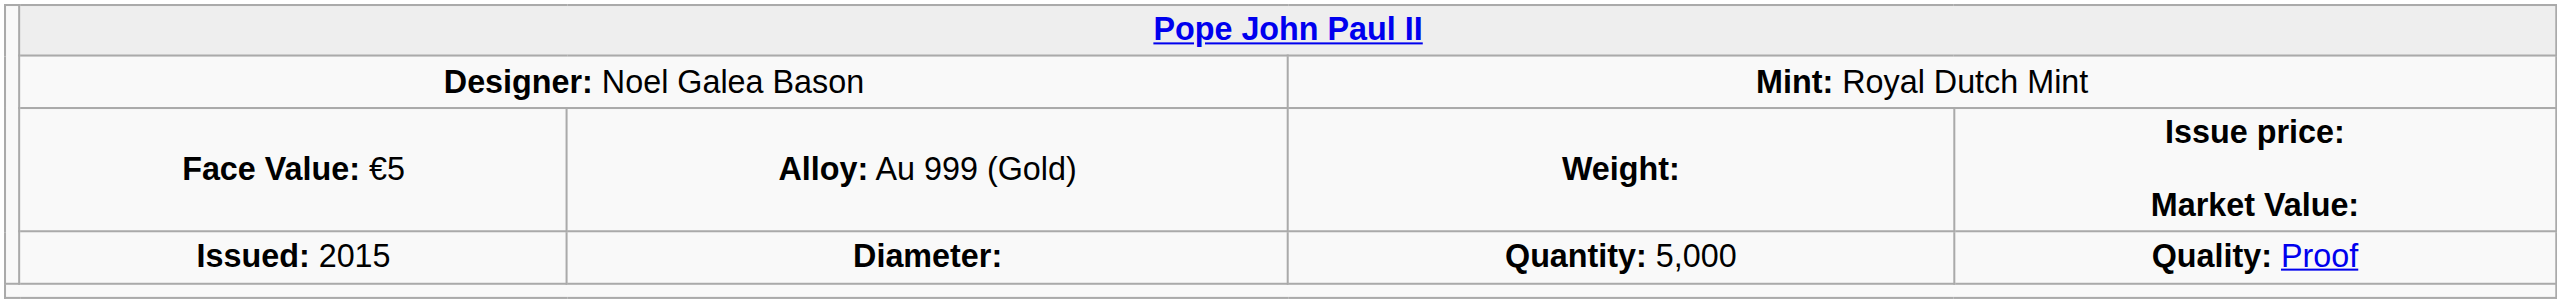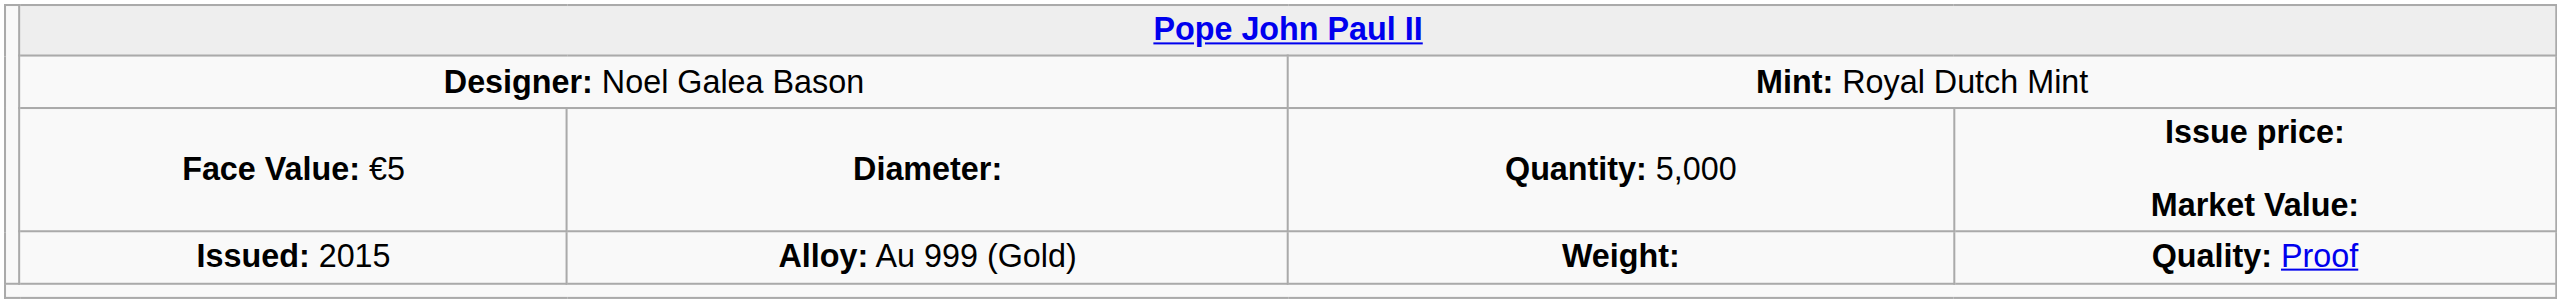 <table class="wikitable" width=100%>
 <tr>
 <td rowspan=4 width="330px" nowrap align=center></td>
 <th colspan="4" align=center style="background:#eeeeee;"><a href='#'>Pope John Paul II</a></th>
 </tr>
 <tr>
 <td colspan="2" width="50%" align=center><strong>Designer:</strong> Noel Galea Bason</td>
 <td colspan="2" width="50%" align=center><strong>Mint:</strong> Royal Dutch Mint</td>
 </tr>
 <tr>
 <td align=center><strong>Face Value:</strong> €5</td>
-<td align=center><strong>Alloy:</strong> Au 999 (Gold)</td>
-<td align=center><strong>Weight:</strong> </td>
+<td align=center><strong>Diameter:</strong> </td>
+<td align=center><strong>Quantity:</strong> 5,000</td>
 <td align=center><strong>Issue price:</strong><br><br> <strong>Market Value:</strong></td>
 </tr>
 <tr>
 <td align=center><strong>Issued:</strong> 2015</td>
-<td align=center><strong>Diameter:</strong> </td>
-<td align=center><strong>Quantity:</strong> 5,000</td>
+<td align=center><strong>Alloy:</strong> Au 999 (Gold)</td>
+<td align=center><strong>Weight:</strong> </td>
 <td align=center><strong>Quality:</strong> <a href='#'>Proof</a></td>
 </tr>
 <tr>
 <td colspan="5" align=left></td>
 </tr>
 </table>
